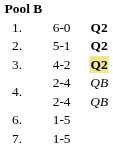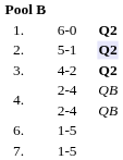 <table style="text-align:center">
 <tr>
 <td colspan=4 align=left><strong>Pool B</strong></td>
 </tr>
 <tr>
 <td width=30>1.</td>
 <td align=left></td>
 <td width=60>6-0</td>
 <td><strong>Q2</strong></td>
 </tr>
 <tr>
 <td>2.</td>
 <td align=left></td>
 <td>5-1</td>
-<td><strong>Q2</strong></td>
+<td style="background: lavender;"><strong>Q2</strong></td>
 </tr>
 <tr>
 <td>3.</td>
 <td align=left></td>
 <td>4-2</td>
-<td style="background: khaki;"><strong>Q2</strong></td>
+<td><strong>Q2</strong></td>
 </tr>
 <tr>
 <td rowspan=2>4.</td>
 <td align=left></td>
 <td>2-4</td>
 <td><em>QB</em></td>
 </tr>
 <tr>
 <td align=left></td>
 <td>2-4</td>
 <td><em>QB</em></td>
 </tr>
 <tr>
 <td>6.</td>
 <td align=left></td>
 <td>1-5</td>
 <td></td>
 </tr>
 <tr>
 <td>7.</td>
 <td align=left></td>
 <td>1-5</td>
 <td></td>
 </tr>
 </table>
